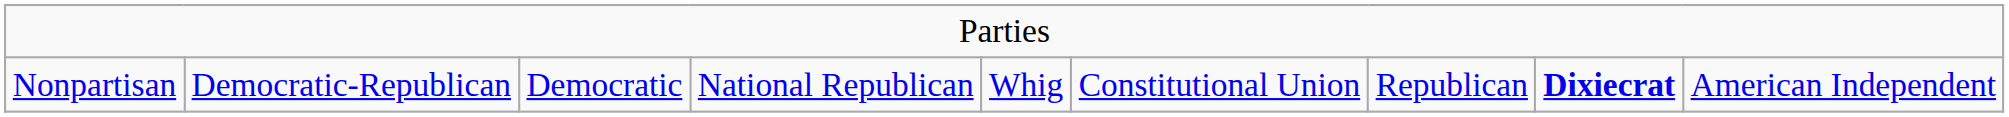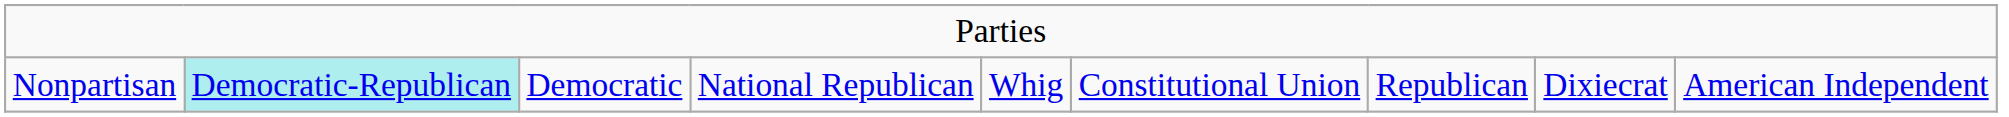 <table class="wikitable">
 <tr>
 <td style="text-align:center;" colspan="9">Parties</td>
 </tr>
 <tr>
 <td><a href='#'>Nonpartisan</a></td>
-<td><a href='#'>Democratic-Republican</a></td>
+<td style="background: paleturquoise;"><a href='#'>Democratic-Republican</a></td>
 <td><a href='#'>Democratic</a></td>
 <td><a href='#'>National Republican</a></td>
 <td><a href='#'>Whig</a></td>
 <td><a href='#'>Constitutional Union</a></td>
 <td><a href='#'>Republican</a></td>
-<td><strong><a href='#'>Dixiecrat</a></strong></td>
+<td><a href='#'>Dixiecrat</a></td>
 <td><a href='#'>American Independent</a></td>
 </tr>
 </table>
